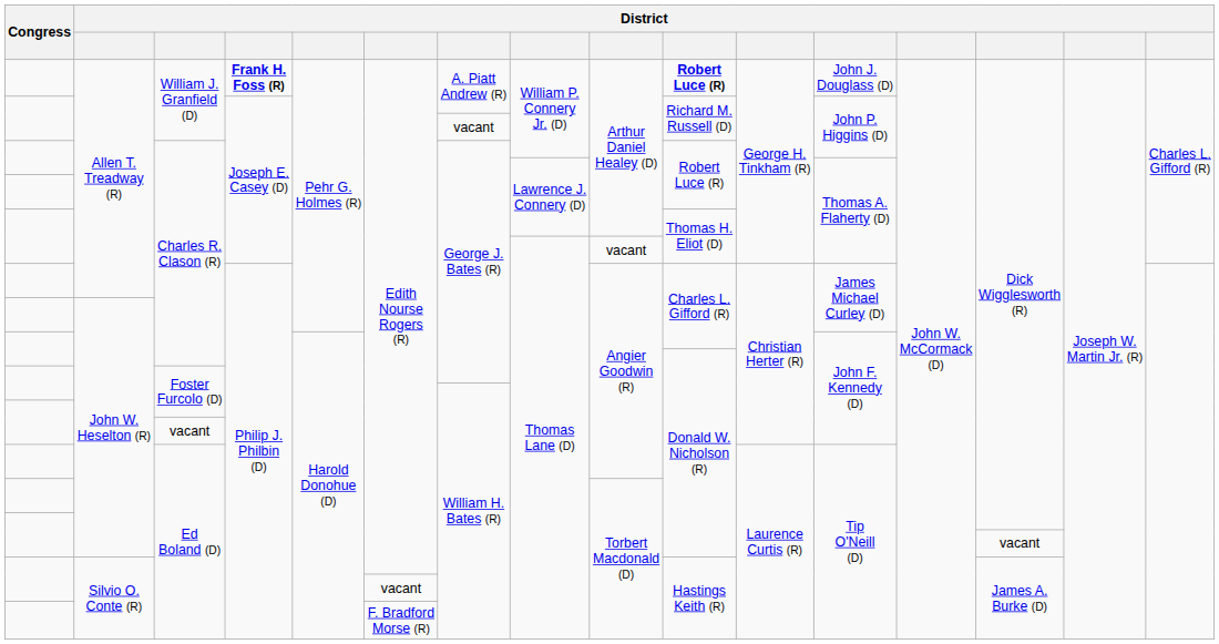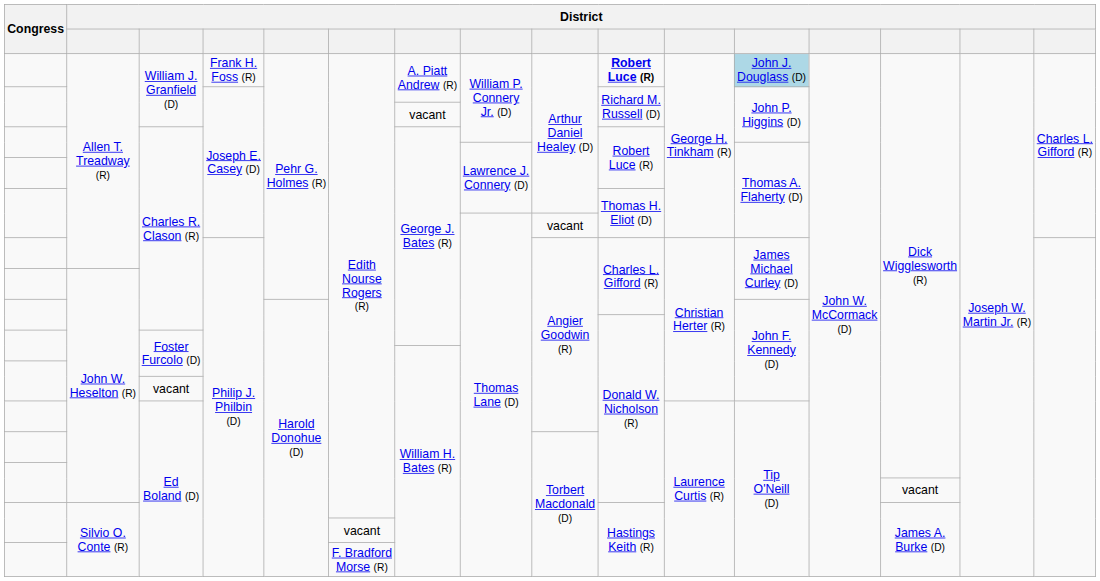 <table class=wikitable style="text-align:center">
 <tr style="height:2em">
 <th rowspan=2>Congress</th>
 <th colspan=15>District</th>
 </tr>
 <tr style="height:2em">
 <th></th>
 <th></th>
 <th></th>
 <th></th>
 <th></th>
 <th></th>
 <th></th>
 <th></th>
 <th></th>
 <th></th>
 <th></th>
 <th></th>
 <th></th>
 <th></th>
 <th></th>
 </tr>
 <tr style="height:2.5em">
 <td scope=row><strong></strong> </td>
 <td rowspan=9 ><a href='#'>Allen T.<br>Treadway</a><br><small>(R)</small></td>
 <td rowspan=3 ><a href='#'>William J.<br>Granfield</a><br><small>(D)</small></td>
-<td><strong><a href='#'>Frank H.<br>Foss</a> <small>(R)</small></strong></td>
+<td><a href='#'>Frank H.<br>Foss</a> <small>(R)</small></td>
 <td rowspan=10 ><a href='#'>Pehr G.<br>Holmes</a> <small>(R)</small></td>
 <td rowspan=21 ><a href='#'>Edith<br>Nourse<br>Rogers</a><br><small>(R)</small></td>
 <td rowspan=2 ><a href='#'>A. Piatt<br>Andrew</a> <small>(R)</small></td>
 <td rowspan=4 ><a href='#'>William P.<br>Connery<br>Jr.</a> <small>(D)</small></td>
 <td rowspan=7 ><a href='#'>Arthur<br>Daniel<br>Healey</a> <small>(D)</small></td>
 <td><strong><a href='#'>Robert<br>Luce</a> <small>(R)</small></strong></td>
 <td rowspan=8 ><a href='#'>George H.<br>Tinkham</a> <small>(R)</small></td>
-<td><a href='#'>John J.<br>Douglass</a> <small>(D)</small></td>
+<td style="background: lightblue;"><a href='#'>John J.<br>Douglass</a> <small>(D)</small></td>
 <td rowspan=23 ><a href='#'>John W.<br>McCormack</a><br><small>(D)</small></td>
 <td rowspan=19 ><a href='#'>Dick<br>Wigglesworth</a><br><small>(R)</small></td>
 <td rowspan=23 ><a href='#'>Joseph W.<br>Martin Jr.</a> <small>(R)</small></td>
 <td rowspan=8 ><a href='#'>Charles L.<br>Gifford</a> <small>(R)</small></td>
 </tr>
 <tr style="height:1.25em">
 <td scope=row rowspan=2><strong></strong> </td>
 <td rowspan=7 ><a href='#'>Joseph E.<br>Casey</a> <small>(D)</small></td>
 <td rowspan=2 ><a href='#'>Richard M.<br>Russell</a> <small>(D)</small></td>
 <td rowspan=3 ><a href='#'>John P.<br>Higgins</a> <small>(D)</small></td>
 </tr>
 <tr style="height:2em">
 <td>vacant</td>
 </tr>
 <tr style="height:1.25em">
 <td scope=row rowspan=2><strong></strong> </td>
 <td rowspan=9 ><a href='#'>Charles R.<br>Clason</a> <small>(R)</small></td>
 <td rowspan=10 ><a href='#'>George J.<br>Bates</a> <small>(R)</small></td>
 <td rowspan=3 ><a href='#'>Robert<br>Luce</a> <small>(R)</small></td>
 </tr>
 <tr style="height:1.25em">
 <td rowspan=3 ><a href='#'>Lawrence J.<br>Connery</a> <small>(D)</small></td>
 <td rowspan=4 ><a href='#'>Thomas A.<br>Flaherty</a> <small>(D)</small></td>
 </tr>
 <tr style="height:2.5em">
 <td scope=row><strong></strong> </td>
 </tr>
 <tr style="height:2em">
 <td scope=row rowspan=2><strong></strong> </td>
 <td rowspan=2 ><a href='#'>Thomas H.<br>Eliot</a> <small>(D)</small></td>
 </tr>
 <tr style="height:2em">
 <td rowspan=16 ><a href='#'>Thomas<br>Lane</a> <small>(D)</small></td>
 <td>vacant</td>
 </tr>
 <tr style="height:2.5em">
 <td scope=row><strong></strong> </td>
 <td rowspan=15 ><a href='#'>Philip J.<br>Philbin</a><br><small>(D)</small></td>
 <td rowspan=9 ><a href='#'>Angier<br>Goodwin</a><br><small>(R)</small></td>
 <td rowspan=3 ><a href='#'>Charles L.<br>Gifford</a> <small>(R)</small></td>
 <td rowspan=8 ><a href='#'>Christian<br>Herter</a> <small>(R)</small></td>
 <td rowspan=2 ><a href='#'>James<br>Michael<br>Curley</a> <small>(D)</small></td>
 </tr>
 <tr style="height:2.5em">
 <td scope=row><strong></strong> </td>
 <td rowspan=11 ><a href='#'>John W.<br>Heselton</a> <small>(R)</small></td>
 </tr>
 <tr style="height:1.25em">
 <td scope=row rowspan=2><strong></strong> </td>
 <td rowspan=13 ><a href='#'>Harold<br>Donohue</a><br><small>(D)</small></td>
 <td rowspan=6 ><a href='#'>John F.<br>Kennedy</a><br><small>(D)</small></td>
 </tr>
 <tr style="height:1.25em">
 <td rowspan=9 ><a href='#'>Donald W.<br>Nicholson</a><br><small>(R)</small></td>
 </tr>
 <tr style="height:1.25em">
 <td scope=row rowspan=2><strong></strong> </td>
 <td rowspan=3 ><a href='#'>Foster<br>Furcolo</a> <small>(D)</small></td>
 </tr>
 <tr style="height:1.25em">
 <td rowspan=10 ><a href='#'>William H.<br>Bates</a> <small>(R)</small></td>
 </tr>
 <tr style="height:1.25em">
 <td scope=row rowspan=2><strong></strong> </td>
 </tr>
 <tr style="height:2em">
 <td>vacant</td>
 </tr>
 <tr style="height:2.5em">
 <td scope=row><strong></strong> </td>
 <td rowspan=7 ><a href='#'>Ed<br>Boland</a> <small>(D)</small></td>
 <td rowspan=7 ><a href='#'>Laurence<br>Curtis</a> <small>(R)</small></td>
 <td rowspan=7 ><a href='#'>Tip<br>O'Neill</a><br><small>(D)</small></td>
 </tr>
 <tr style="height:2.5em">
 <td scope=row><strong></strong> </td>
 <td rowspan=6 ><a href='#'>Torbert<br>Macdonald</a><br><small>(D)</small></td>
 </tr>
 <tr style="height:1.25em">
 <td scope=row rowspan=2><strong></strong> </td>
 </tr>
 <tr style="height:2em">
 <td>vacant</td>
 </tr>
 <tr style="height:1.25em">
 <td scope=row rowspan=2><strong></strong> </td>
 <td rowspan=3 ><a href='#'>Silvio O.<br>Conte</a> <small>(R)</small></td>
 <td rowspan=3 ><a href='#'>Hastings<br>Keith</a> <small>(R)</small></td>
 <td rowspan=3 ><a href='#'>James A.<br>Burke</a> <small>(D)</small></td>
 </tr>
 <tr style="height:2em">
 <td>vacant</td>
 </tr>
 <tr style="height:2.5em">
 <td scope=row><strong></strong> </td>
 <td><a href='#'>F. Bradford<br>Morse</a> <small>(R)</small></td>
 </tr>
 </table>
